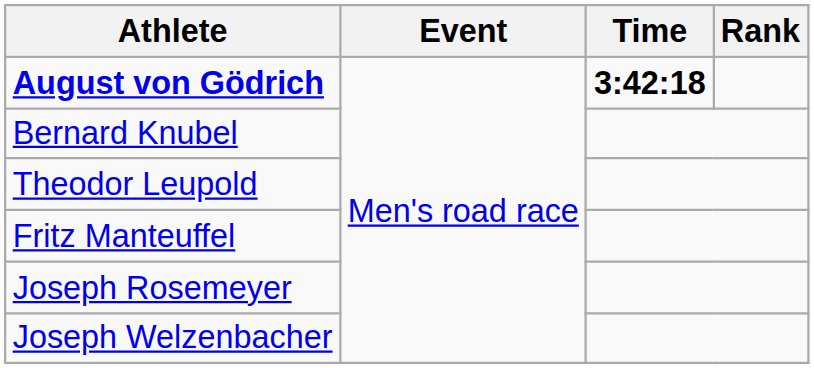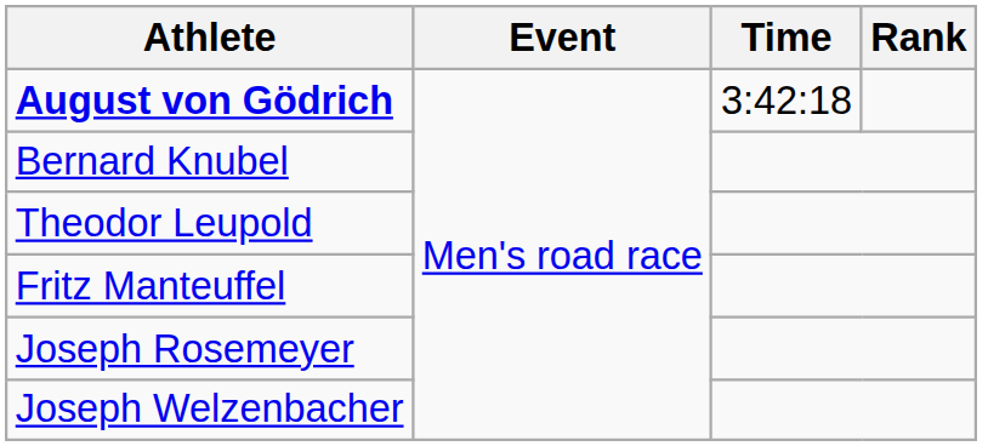 <table class=wikitable style=font-size:90%;text-align:center>
 <tr>
 <th>Athlete</th>
 <th>Event</th>
 <th>Time</th>
 <th>Rank</th>
 </tr>
 <tr>
 <td align=left><strong><a href='#'>August von Gödrich</a></strong></td>
 <td align=left rowspan=6><a href='#'>Men's road race</a></td>
-<td><strong>3:42:18</strong></td>
+<td>3:42:18</td>
 <td></td>
 </tr>
 <tr>
 <td align=left><a href='#'>Bernard Knubel</a></td>
 <td colspan=2></td>
 </tr>
 <tr>
 <td align=left><a href='#'>Theodor Leupold</a></td>
 <td colspan=2></td>
 </tr>
 <tr>
 <td align=left><a href='#'>Fritz Manteuffel</a></td>
 <td colspan=2></td>
 </tr>
 <tr>
 <td align=left><a href='#'>Joseph Rosemeyer</a></td>
 <td colspan=2></td>
 </tr>
 <tr>
 <td align=left><a href='#'>Joseph Welzenbacher</a></td>
 <td colspan=2></td>
 </tr>
 </table>
